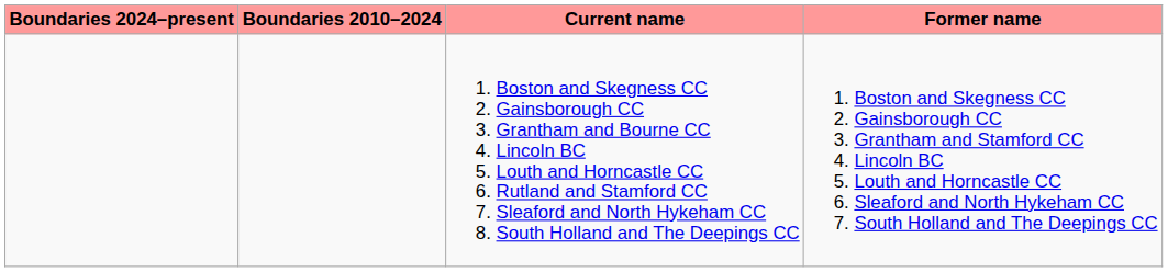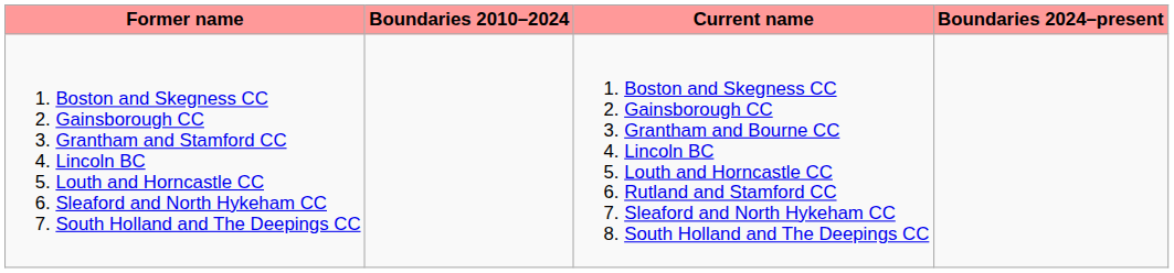 <table class="wikitable">
 <tr>
-<th style="background-color:#ff9999">Boundaries 2024–present</th>
+<th style="background-color:#ff9999">Former name</th>
 <th style="background-color:#ff9999">Boundaries 2010–2024</th>
 <th ! style="background-color:#ff9999">Current name</th>
-<th style="background-color:#ff9999">Former name</th>
+<th style="background-color:#ff9999">Boundaries 2024–present</th>
 </tr>
 <tr>
-<td></td>
+<td><br><ol><li><a href='#'>Boston and Skegness CC</a></li><li><a href='#'>Gainsborough CC</a></li><li><a href='#'>Grantham and Stamford CC</a></li><li><a href='#'>Lincoln BC</a></li><li><a href='#'>Louth and Horncastle CC</a></li><li><a href='#'>Sleaford and North Hykeham CC</a></li><li><a href='#'>South Holland and The Deepings CC</a></li></ol></td>
 <td></td>
 <td><br><ol><li><a href='#'>Boston and Skegness CC</a></li><li><a href='#'>Gainsborough CC</a></li><li><a href='#'>Grantham and Bourne CC</a></li><li><a href='#'>Lincoln BC</a></li><li><a href='#'>Louth and Horncastle CC</a></li><li><a href='#'>Rutland and Stamford CC</a></li><li><a href='#'>Sleaford and North Hykeham CC</a></li><li><a href='#'>South Holland and The Deepings CC</a></li></ol></td>
-<td><br><ol><li><a href='#'>Boston and Skegness CC</a></li><li><a href='#'>Gainsborough CC</a></li><li><a href='#'>Grantham and Stamford CC</a></li><li><a href='#'>Lincoln BC</a></li><li><a href='#'>Louth and Horncastle CC</a></li><li><a href='#'>Sleaford and North Hykeham CC</a></li><li><a href='#'>South Holland and The Deepings CC</a></li></ol></td>
+<td></td>
 </tr>
 </table>
